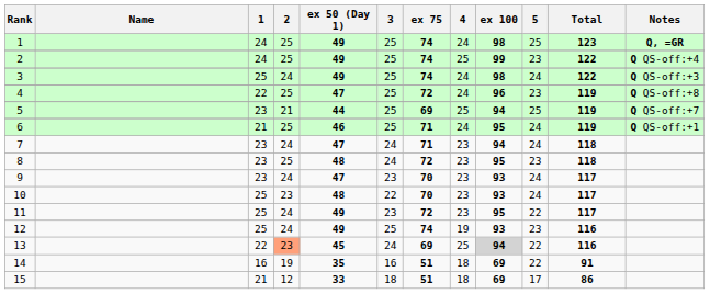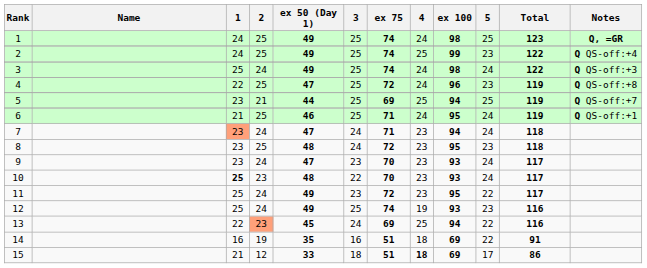 <table class="wikitable sortable" style="text-align:center">
 <tr>
 <th>Rank</th>
 <th style="width:20em;">Name</th>
 <th style="width:2em;">1</th>
 <th style="width:2em;">2</th>
 <th style="width:7em;">ex 50 (Day 1)</th>
 <th style="width:2em;">3</th>
 <th style="width:4em;">ex 75</th>
 <th style="width:2em;">4</th>
 <th style="width:4em;">ex 100</th>
 <th style="width:2em;">5</th>
 <th style="width:7em;">Total</th>
 <th style="width:7em;">Notes</th>
 </tr>
 <tr bgcolor=#ccffcc>
 <td>1</td>
 <td align=left></td>
 <td>24</td>
 <td>25</td>
 <td><strong>49</strong></td>
 <td>25</td>
 <td><strong>74</strong></td>
 <td>24</td>
 <td><strong>98</strong></td>
 <td>25</td>
 <td><strong>123</strong></td>
 <td><strong>Q, =GR</strong></td>
 </tr>
 <tr>
 </tr>
 <tr bgcolor=#ccffcc>
 <td>2</td>
 <td align=left></td>
 <td>24</td>
 <td>25</td>
 <td><strong>49</strong></td>
 <td>25</td>
 <td><strong>74</strong></td>
 <td>25</td>
 <td><strong>99</strong></td>
 <td>23</td>
 <td><strong>122</strong></td>
 <td><strong>Q</strong> QS-off:+4</td>
 </tr>
 <tr>
 </tr>
 <tr bgcolor=#ccffcc>
 <td>3</td>
 <td align=left></td>
 <td>25</td>
 <td>24</td>
 <td><strong>49</strong></td>
 <td>25</td>
 <td><strong>74</strong></td>
 <td>24</td>
 <td><strong>98</strong></td>
 <td>24</td>
 <td><strong>122</strong></td>
 <td><strong>Q</strong> QS-off:+3</td>
 </tr>
 <tr>
 </tr>
 <tr bgcolor=#ccffcc>
 <td>4</td>
 <td align=left></td>
 <td>22</td>
 <td>25</td>
 <td><strong>47</strong></td>
 <td>25</td>
 <td><strong>72</strong></td>
 <td>24</td>
 <td><strong>96</strong></td>
 <td>23</td>
 <td><strong>119</strong></td>
 <td><strong>Q</strong> QS-off:+8</td>
 </tr>
 <tr>
 </tr>
 <tr bgcolor=#ccffcc>
 <td>5</td>
 <td align=left></td>
 <td>23</td>
 <td>21</td>
 <td><strong>44</strong></td>
 <td>25</td>
 <td><strong>69</strong></td>
 <td>25</td>
 <td><strong>94</strong></td>
 <td>25</td>
 <td><strong>119</strong></td>
 <td><strong>Q</strong> QS-off:+7</td>
 </tr>
 <tr>
 </tr>
 <tr bgcolor=#ccffcc>
 <td>6</td>
 <td align=left></td>
 <td>21</td>
 <td>25</td>
 <td><strong>46</strong></td>
 <td>25</td>
 <td><strong>71</strong></td>
 <td>24</td>
 <td><strong>95</strong></td>
 <td>24</td>
 <td><strong>119</strong></td>
 <td><strong>Q</strong> QS-off:+1</td>
 </tr>
 <tr>
 <td>7</td>
 <td align=left></td>
-<td>23</td>
+<td style="background: lightsalmon;">23</td>
 <td>24</td>
 <td><strong>47</strong></td>
 <td>24</td>
 <td><strong>71</strong></td>
 <td>23</td>
 <td><strong>94</strong></td>
 <td>24</td>
 <td><strong>118</strong></td>
 <td></td>
 </tr>
 <tr>
 <td>8</td>
 <td align=left></td>
 <td>23</td>
 <td>25</td>
 <td><strong>48</strong></td>
 <td>24</td>
 <td><strong>72</strong></td>
 <td>23</td>
 <td><strong>95</strong></td>
 <td>23</td>
 <td><strong>118</strong></td>
 <td></td>
 </tr>
 <tr>
 <td>9</td>
 <td align=left></td>
 <td>23</td>
 <td>24</td>
 <td><strong>47</strong></td>
 <td>23</td>
 <td><strong>70</strong></td>
 <td>23</td>
 <td><strong>93</strong></td>
 <td>24</td>
 <td><strong>117</strong></td>
 <td></td>
 </tr>
 <tr>
 <td>10</td>
 <td align=left></td>
-<td>25</td>
+<td><strong>25</strong></td>
 <td>23</td>
 <td><strong>48</strong></td>
 <td>22</td>
 <td><strong>70</strong></td>
 <td>23</td>
 <td><strong>93</strong></td>
 <td>24</td>
 <td><strong>117</strong></td>
 <td></td>
 </tr>
 <tr>
 <td>11</td>
 <td align=left></td>
 <td>25</td>
 <td>24</td>
 <td><strong>49</strong></td>
 <td>23</td>
 <td><strong>72</strong></td>
 <td>23</td>
 <td><strong>95</strong></td>
 <td>22</td>
 <td><strong>117</strong></td>
 <td></td>
 </tr>
 <tr>
 <td>12</td>
 <td align=left></td>
 <td>25</td>
 <td>24</td>
 <td><strong>49</strong></td>
 <td>25</td>
 <td><strong>74</strong></td>
 <td>19</td>
 <td><strong>93</strong></td>
 <td>23</td>
 <td><strong>116</strong></td>
 <td></td>
 </tr>
 <tr>
 <td>13</td>
 <td align=left></td>
 <td>22</td>
 <td style="background: lightsalmon;">23</td>
 <td><strong>45</strong></td>
 <td>24</td>
 <td><strong>69</strong></td>
 <td>25</td>
-<td style="background: lightgrey;"><strong>94</strong></td>
+<td><strong>94</strong></td>
 <td>22</td>
 <td><strong>116</strong></td>
 <td></td>
 </tr>
 <tr>
 <td>14</td>
 <td align=left></td>
 <td>16</td>
 <td>19</td>
 <td><strong>35</strong></td>
 <td>16</td>
 <td><strong>51</strong></td>
 <td>18</td>
 <td><strong>69</strong></td>
 <td>22</td>
 <td><strong>91</strong></td>
 <td></td>
 </tr>
 <tr>
 <td>15</td>
 <td align=left></td>
 <td>21</td>
 <td>12</td>
 <td><strong>33</strong></td>
 <td>18</td>
 <td><strong>51</strong></td>
-<td>18</td>
+<td><strong>18</strong></td>
 <td><strong>69</strong></td>
 <td>17</td>
 <td><strong>86</strong></td>
 <td></td>
 </tr>
 </table>
